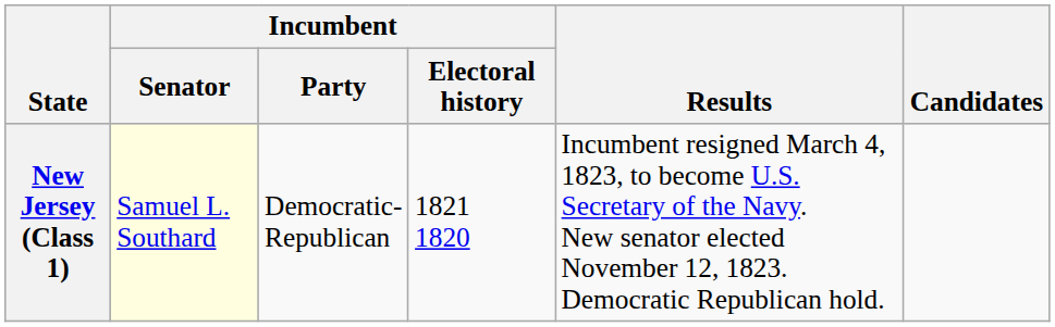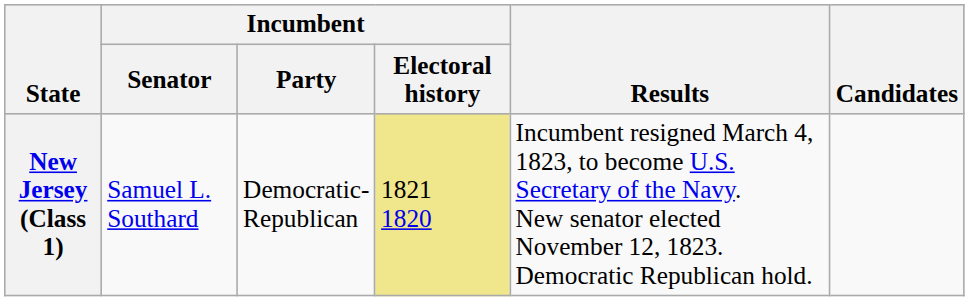 <table class=wikitable>
 <tr valign=bottom>
 <th rowspan=2>State</th>
 <th colspan=3>Incumbent</th>
 <th rowspan=2>Results</th>
 <th rowspan=2>Candidates</th>
 </tr>
 <tr>
 <th>Senator</th>
 <th>Party</th>
 <th>Electoral history</th>
 </tr>
 <tr>
 <th><a href='#'>New Jersey</a><br>(Class 1)</th>
-<td style="background: lightyellow;"><a href='#'>Samuel L. Southard</a></td>
+<td><a href='#'>Samuel L. Southard</a></td>
 <td>Democratic-<br>Republican</td>
-<td nowrap>1821 <br><a href='#'>1820</a></td>
+<td nowrap style="background: khaki;">1821 <br><a href='#'>1820</a></td>
 <td>Incumbent resigned March 4, 1823, to become <a href='#'>U.S. Secretary of the Navy</a>.<br>New senator elected November 12, 1823.<br>Democratic Republican hold.</td>
 <td nowrap></td>
 </tr>
 </table>
